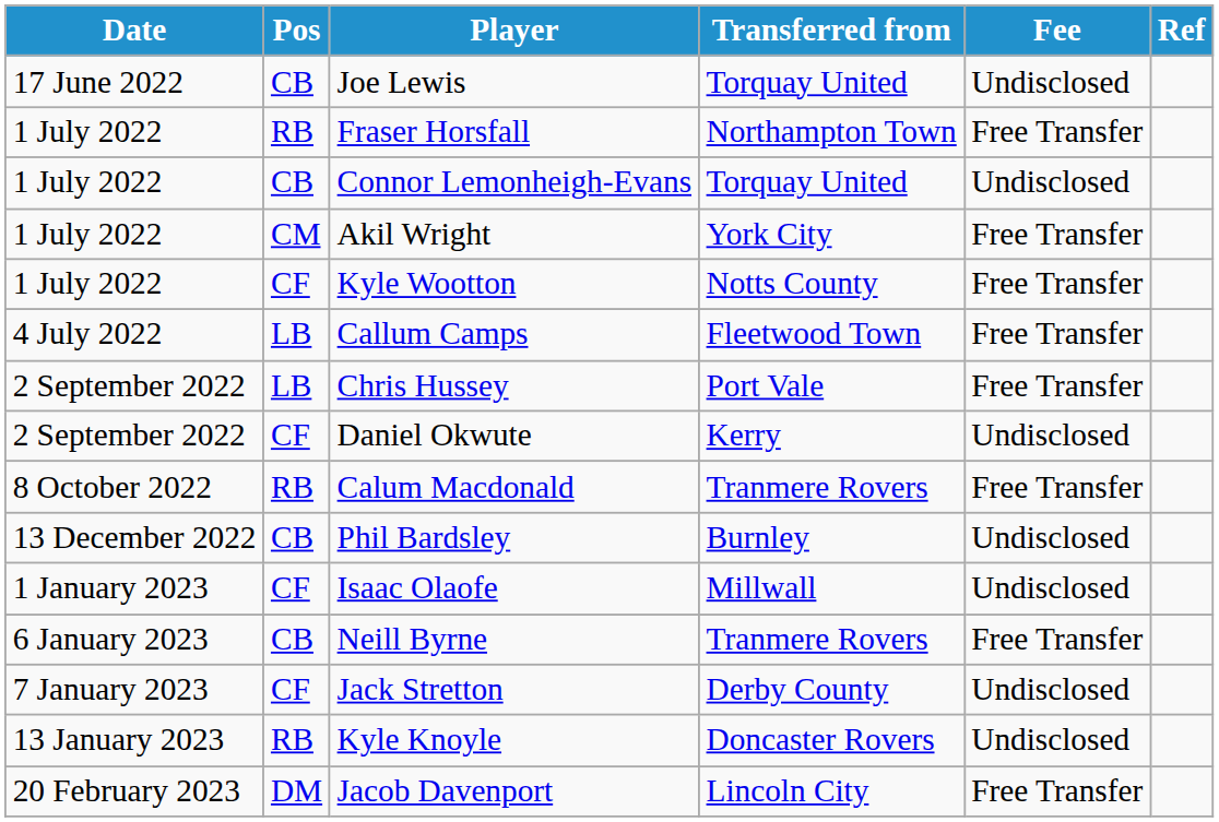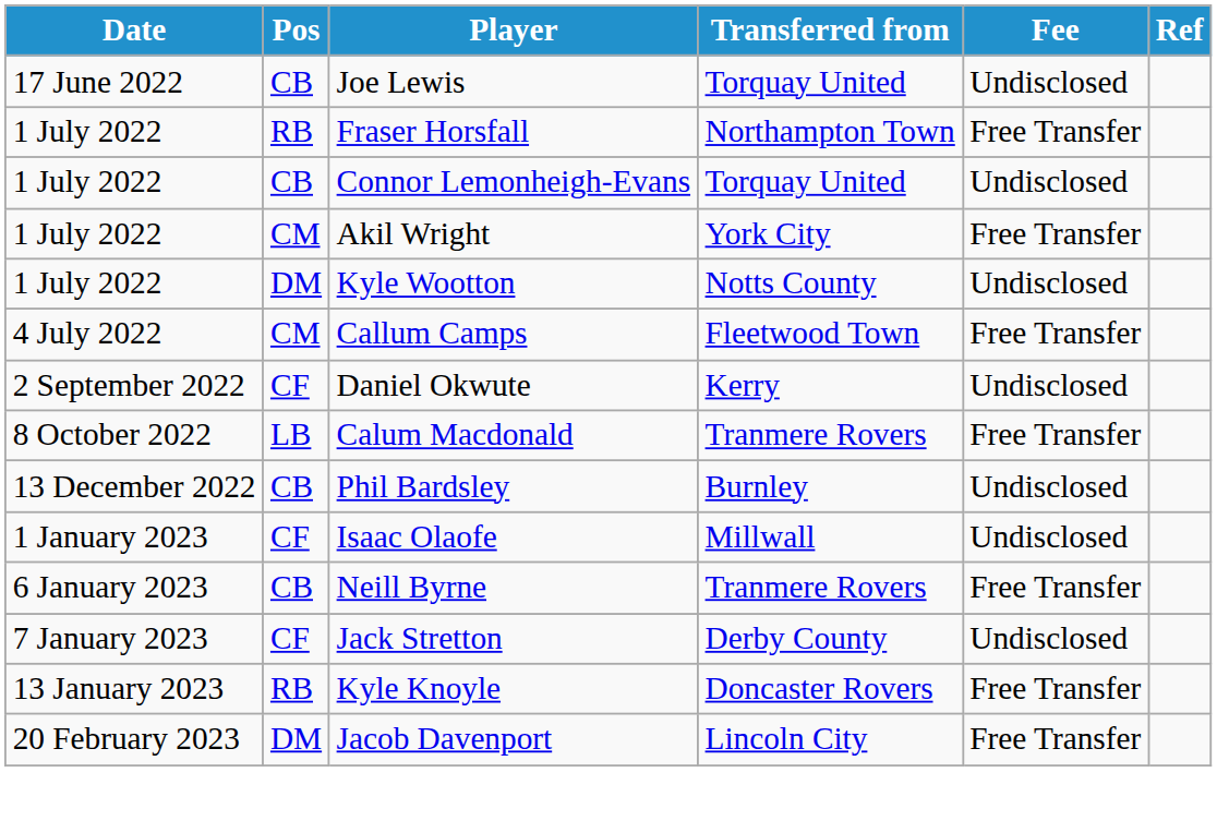 <table class="wikitable plainrowheaders sortable">
 <tr>
 <th style="background:#2191CC; color:#ffffff; ">Date</th>
 <th style="background:#2191CC; color:#ffffff; ">Pos</th>
 <th style="background:#2191CC; color:#ffffff; ">Player</th>
 <th style="background:#2191CC; color:#ffffff; ">Transferred from</th>
 <th style="background:#2191CC; color:#ffffff; ">Fee</th>
 <th style="background:#2191CC; color:#ffffff; ">Ref</th>
 </tr>
 <tr>
 <td>17 June 2022</td>
 <td><a href='#'>CB</a></td>
 <td> Joe Lewis</td>
 <td> <a href='#'>Torquay United</a></td>
 <td>Undisclosed</td>
 <td></td>
 </tr>
 <tr>
 <td>1 July 2022</td>
 <td><a href='#'>RB</a></td>
 <td> <a href='#'>Fraser Horsfall</a></td>
 <td> <a href='#'>Northampton Town</a></td>
 <td>Free Transfer</td>
 <td></td>
 </tr>
 <tr>
 <td>1 July 2022</td>
 <td><a href='#'>CB</a></td>
 <td> <a href='#'>Connor Lemonheigh-Evans</a></td>
 <td> <a href='#'>Torquay United</a></td>
 <td>Undisclosed</td>
 <td></td>
 </tr>
 <tr>
 <td>1 July 2022</td>
 <td><a href='#'>CM</a></td>
 <td> Akil Wright</td>
 <td> <a href='#'>York City</a></td>
 <td>Free Transfer</td>
 <td></td>
 </tr>
 <tr>
 <td>1 July 2022</td>
-<td><a href='#'>CF</a></td>
+<td><a href='#'>DM</a></td>
 <td> <a href='#'>Kyle Wootton</a></td>
 <td> <a href='#'>Notts County</a></td>
-<td>Free Transfer</td>
+<td>Undisclosed</td>
 <td></td>
 </tr>
 <tr>
 <td>4 July 2022</td>
-<td><a href='#'>LB</a></td>
+<td><a href='#'>CM</a></td>
 <td> <a href='#'>Callum Camps</a></td>
 <td> <a href='#'>Fleetwood Town</a></td>
-<td>Free Transfer</td>
-<td></td>
-</tr>
-<tr>
-<td>2 September 2022</td>
-<td><a href='#'>LB</a></td>
-<td> <a href='#'>Chris Hussey</a></td>
-<td> <a href='#'>Port Vale</a></td>
 <td>Free Transfer</td>
 <td></td>
 </tr>
 <tr>
 <td>2 September 2022</td>
 <td><a href='#'>CF</a></td>
 <td> Daniel Okwute</td>
 <td> <a href='#'>Kerry</a></td>
 <td>Undisclosed</td>
 <td></td>
 </tr>
 <tr>
 <td>8 October 2022</td>
-<td><a href='#'>RB</a></td>
+<td><a href='#'>LB</a></td>
 <td> <a href='#'>Calum Macdonald</a></td>
 <td> <a href='#'>Tranmere Rovers</a></td>
 <td>Free Transfer</td>
 <td></td>
 </tr>
 <tr>
 <td>13 December 2022</td>
 <td><a href='#'>CB</a></td>
 <td> <a href='#'>Phil Bardsley</a></td>
 <td> <a href='#'>Burnley</a></td>
 <td>Undisclosed</td>
 <td></td>
 </tr>
 <tr>
 <td>1 January 2023</td>
 <td><a href='#'>CF</a></td>
 <td> <a href='#'>Isaac Olaofe</a></td>
 <td> <a href='#'>Millwall</a></td>
 <td>Undisclosed</td>
 <td></td>
 </tr>
 <tr>
 <td>6 January 2023</td>
 <td><a href='#'>CB</a></td>
 <td> <a href='#'>Neill Byrne</a></td>
 <td> <a href='#'>Tranmere Rovers</a></td>
 <td>Free Transfer</td>
 <td></td>
 </tr>
 <tr>
 <td>7 January 2023</td>
 <td><a href='#'>CF</a></td>
 <td> <a href='#'>Jack Stretton</a></td>
 <td> <a href='#'>Derby County</a></td>
 <td>Undisclosed</td>
 <td></td>
 </tr>
 <tr>
 <td>13 January 2023</td>
 <td><a href='#'>RB</a></td>
 <td> <a href='#'>Kyle Knoyle</a></td>
 <td> <a href='#'>Doncaster Rovers</a></td>
-<td>Undisclosed</td>
+<td>Free Transfer</td>
 <td></td>
 </tr>
 <tr>
 <td>20 February 2023</td>
 <td><a href='#'>DM</a></td>
 <td> <a href='#'>Jacob Davenport</a></td>
 <td> <a href='#'>Lincoln City</a></td>
 <td>Free Transfer</td>
 <td></td>
 </tr>
 </table>
